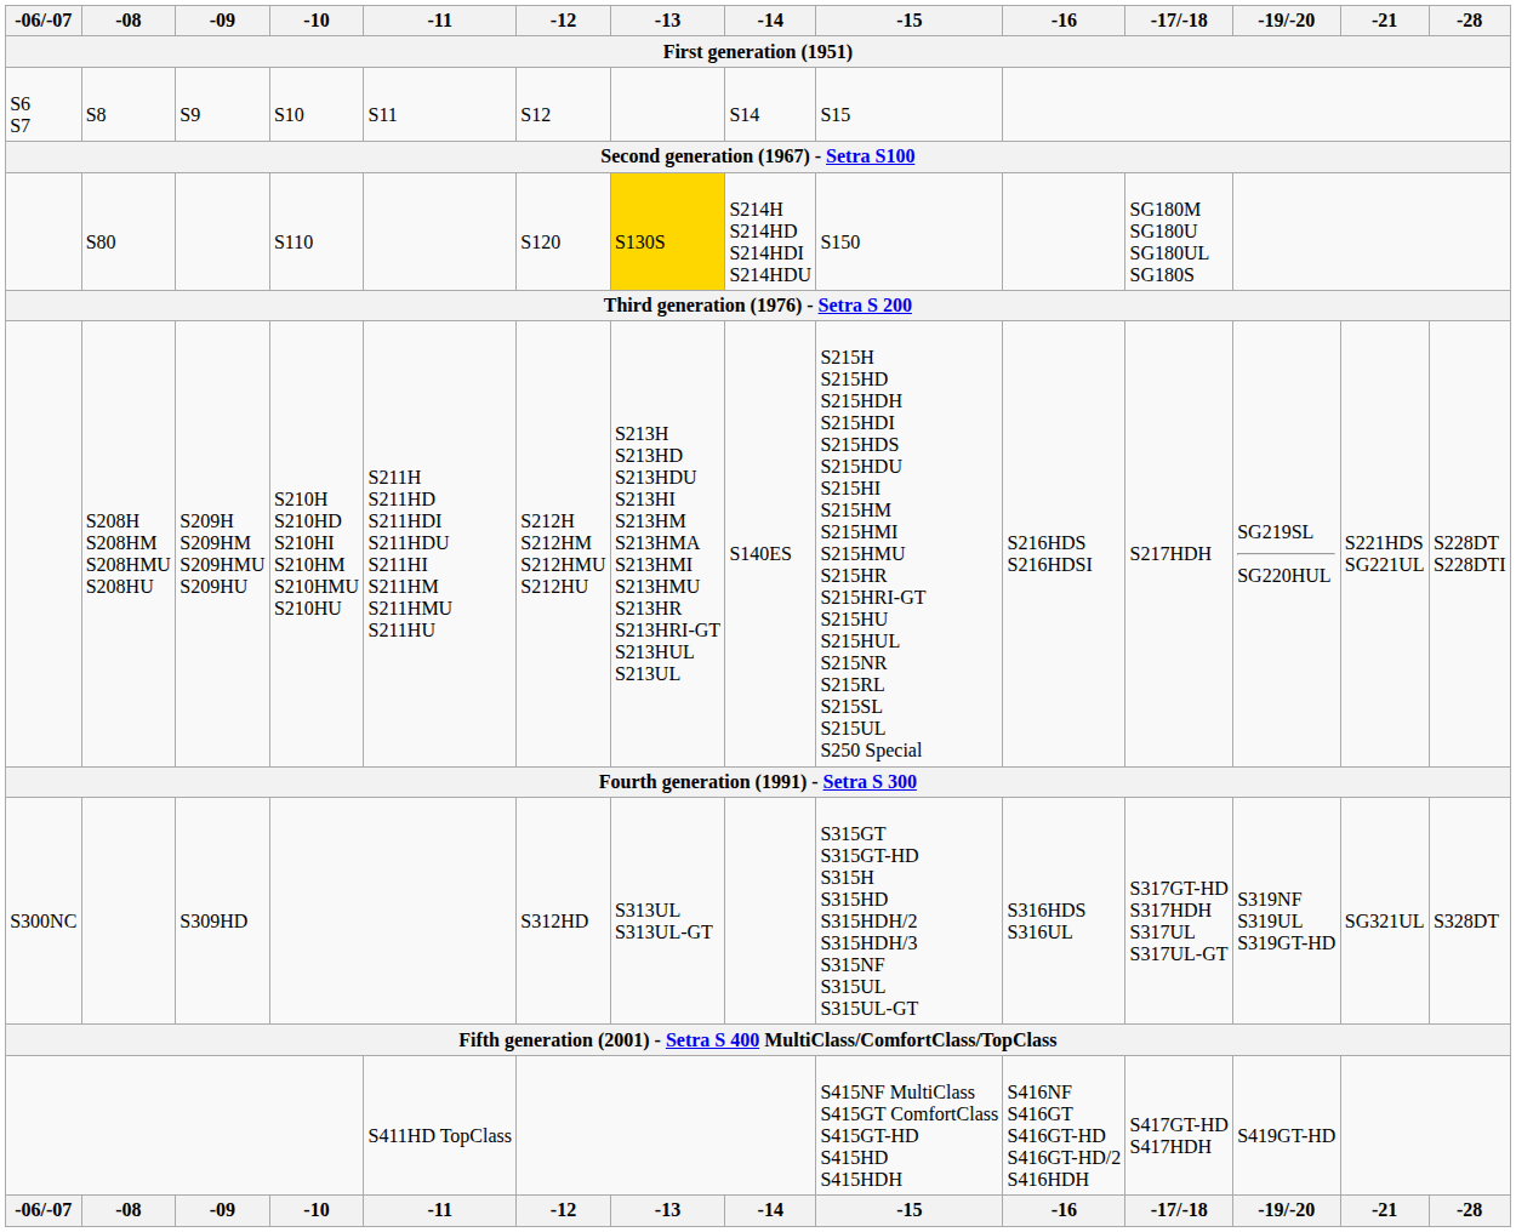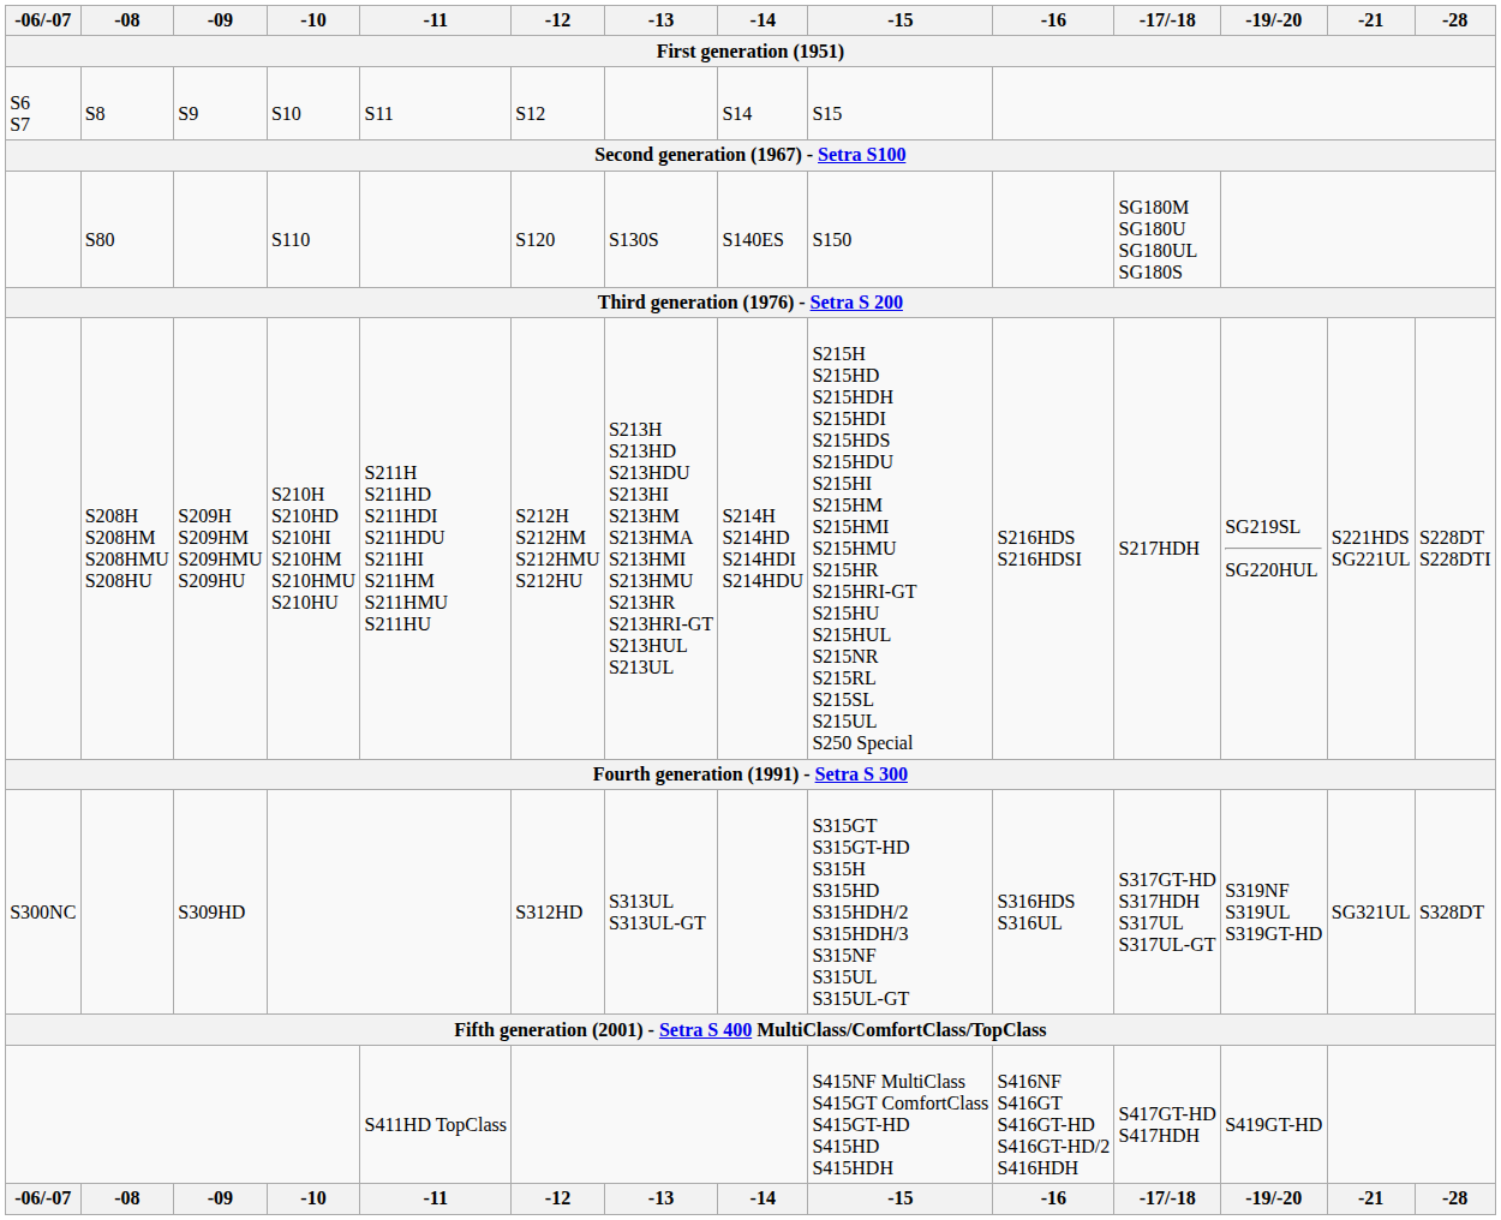 <table class=wikitable>
 <tr>
 <th>-06/-07</th>
 <th>-08</th>
 <th>-09</th>
 <th>-10</th>
 <th>-11</th>
 <th>-12</th>
 <th>-13</th>
 <th>-14</th>
 <th>-15</th>
 <th>-16</th>
 <th>-17/-18</th>
 <th>-19/-20</th>
 <th>-21</th>
 <th>-28</th>
 </tr>
 <tr>
 <th colspan=14>First generation (1951)</th>
 </tr>
 <tr>
 <td><br>S6<br> S7</td>
 <td><br>S8</td>
 <td><br>S9</td>
 <td><br>S10</td>
 <td><br>S11</td>
 <td><br>S12</td>
 <td></td>
 <td><br>S14</td>
 <td><br>S15</td>
 <td colspan=5></td>
 </tr>
 <tr>
 <th colspan=14>Second generation (1967) - <a href='#'>Setra S100</a></th>
 </tr>
 <tr>
 <td></td>
 <td><br>S80</td>
 <td></td>
 <td><br>S110</td>
 <td></td>
 <td><br>S120</td>
-<td style="background: gold;"><br>S130S</td>
-<td><br>S214H<br> S214HD<br> S214HDI<br> S214HDU</td>
+<td><br>S130S</td>
+<td><br>S140ES</td>
 <td><br>S150</td>
 <td></td>
 <td><br>SG180M<br> SG180U<br> SG180UL<br> SG180S</td>
 <td colspan=3></td>
 </tr>
 <tr>
 <th colspan=14>Third generation (1976) - <a href='#'>Setra S 200</a></th>
 </tr>
 <tr>
 <td></td>
 <td><br>S208H<br> S208HM<br> S208HMU<br> S208HU</td>
 <td><br>S209H<br> S209HM<br> S209HMU<br> S209HU</td>
 <td><br>S210H<br> S210HD<br> S210HI<br> S210HM<br> S210HMU<br> S210HU</td>
 <td><br>S211H<br> S211HD<br> S211HDI<br> S211HDU<br> S211HI<br> S211HM<br> S211HMU<br> S211HU</td>
 <td><br>S212H<br> S212HM<br> S212HMU<br> S212HU</td>
 <td><br>S213H<br> S213HD<br> S213HDU<br> S213HI<br> S213HM<br> S213HMA<br> S213HMI<br> S213HMU<br> S213HR<br> S213HRI-GT<br> S213HUL<br> S213UL</td>
-<td><br>S140ES</td>
+<td><br>S214H<br> S214HD<br> S214HDI<br> S214HDU</td>
 <td><br>S215H<br> S215HD<br> S215HDH<br> S215HDI<br> S215HDS<br> S215HDU<br> S215HI<br> S215HM<br> S215HMI<br> S215HMU<br> S215HR<br> S215HRI-GT<br> S215HU<br> S215HUL<br> S215NR<br> S215RL<br> S215SL<br> S215UL<br> S250 Special</td>
 <td><br>S216HDS<br> S216HDSI</td>
 <td><br>S217HDH</td>
 <td><br>SG219SL<hr> SG220HUL</td>
 <td><br>S221HDS<br> SG221UL</td>
 <td><br>S228DT<br> S228DTI</td>
 </tr>
 <tr>
 <th colspan=14>Fourth generation (1991) - <a href='#'>Setra S 300</a></th>
 </tr>
 <tr>
 <td><br>S300NC</td>
 <td></td>
 <td><br>S309HD</td>
 <td colspan=2></td>
 <td><br>S312HD</td>
 <td><br>S313UL<br> S313UL-GT</td>
 <td></td>
 <td><br>S315GT<br> S315GT-HD<br> S315H<br> S315HD<br> S315HDH/2<br> S315HDH/3<br> S315NF<br> S315UL<br> S315UL-GT</td>
 <td><br>S316HDS<br> S316UL</td>
 <td><br>S317GT-HD<br> S317HDH<br> S317UL<br> S317UL-GT</td>
 <td><br>S319NF<br> S319UL<br> S319GT-HD</td>
 <td><br>SG321UL</td>
 <td><br>S328DT</td>
 </tr>
 <tr>
 <th colspan=14>Fifth generation (2001) - <a href='#'>Setra S 400</a> MultiClass/ComfortClass/TopClass</th>
 </tr>
 <tr>
 <td colspan=4></td>
 <td><br>S411HD TopClass</td>
 <td colspan=3></td>
 <td><br>S415NF MultiClass<br> S415GT ComfortClass<br> S415GT-HD<br> S415HD<br> S415HDH</td>
 <td><br>S416NF<br> S416GT<br> S416GT-HD<br> S416GT-HD/2<br> S416HDH</td>
 <td><br>S417GT-HD<br> S417HDH</td>
 <td><br>S419GT-HD</td>
 <td colspan=2></td>
 </tr>
 <tr>
 <th>-06/-07</th>
 <th>-08</th>
 <th>-09</th>
 <th>-10</th>
 <th>-11</th>
 <th>-12</th>
 <th>-13</th>
 <th>-14</th>
 <th>-15</th>
 <th>-16</th>
 <th>-17/-18</th>
 <th>-19/-20</th>
 <th>-21</th>
 <th>-28</th>
 </tr>
 </table>
